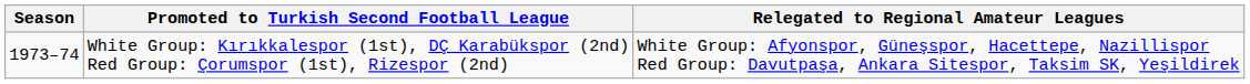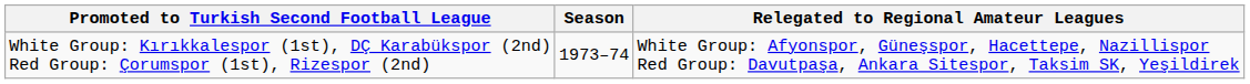 <table class="wikitable">
 <tr>
+<th>Promoted to <a href='#'>Turkish Second Football League</a></th>
 <th>Season</th>
-<th>Promoted to <a href='#'>Turkish Second Football League</a></th>
 <th>Relegated to Regional Amateur Leagues</th>
 </tr>
 <tr>
+<td>White Group: <a href='#'>Kırıkkalespor</a> (1st), <a href='#'>DÇ Karabükspor</a> (2nd)<br>Red Group: <a href='#'>Çorumspor</a> (1st), <a href='#'>Rizespor</a> (2nd)</td>
 <td>1973–74</td>
-<td>White Group: <a href='#'>Kırıkkalespor</a> (1st), <a href='#'>DÇ Karabükspor</a> (2nd)<br>Red Group: <a href='#'>Çorumspor</a> (1st), <a href='#'>Rizespor</a> (2nd)</td>
 <td>White Group: <a href='#'>Afyonspor</a>, <a href='#'>Güneşspor</a>, <a href='#'>Hacettepe</a>, <a href='#'>Nazillispor</a><br>Red Group: <a href='#'>Davutpaşa</a>, <a href='#'>Ankara Sitespor</a>, <a href='#'>Taksim SK</a>, <a href='#'>Yeşildirek</a></td>
 </tr>
 </table>
